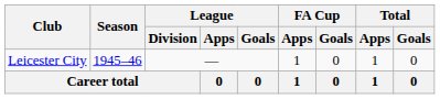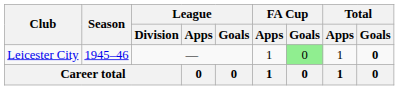 <table class="wikitable" style="text-align:center">
 <tr>
 <th rowspan="2">Club</th>
 <th rowspan="2">Season</th>
 <th colspan="3">League</th>
 <th colspan="2">FA Cup</th>
 <th colspan="2">Total</th>
 </tr>
 <tr>
 <th>Division</th>
 <th>Apps</th>
 <th>Goals</th>
 <th>Apps</th>
 <th>Goals</th>
 <th>Apps</th>
 <th>Goals</th>
 </tr>
 <tr>
 <td><a href='#'>Leicester City</a></td>
 <td><a href='#'>1945–46</a></td>
 <td colspan="3">―</td>
 <td>1</td>
-<td>0</td>
+<td style="background: lightgreen;">0</td>
 <td>1</td>
-<td>0</td>
+<td><strong>0</strong></td>
 </tr>
 <tr>
 <th colspan="3">Career total</th>
 <th>0</th>
 <th>0</th>
 <th>1</th>
 <th>0</th>
 <th>1</th>
 <th>0</th>
 </tr>
 </table>
